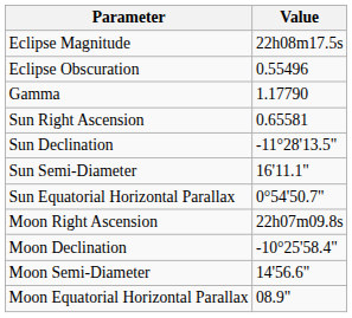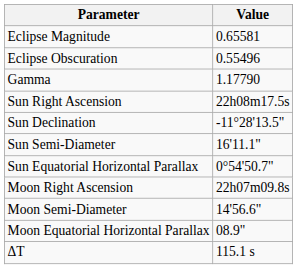 <table class="wikitable">
 <tr>
 <th>Parameter</th>
 <th>Value</th>
 </tr>
 <tr>
 <td>Eclipse Magnitude</td>
-<td>22h08m17.5s</td>
+<td>0.65581</td>
 </tr>
 <tr>
 <td>Eclipse Obscuration</td>
 <td>0.55496</td>
 </tr>
 <tr>
 <td>Gamma</td>
 <td>1.17790</td>
 </tr>
 <tr>
 <td>Sun Right Ascension</td>
-<td>0.65581</td>
+<td>22h08m17.5s</td>
 </tr>
 <tr>
 <td>Sun Declination</td>
 <td>-11°28'13.5"</td>
 </tr>
 <tr>
 <td>Sun Semi-Diameter</td>
 <td>16'11.1"</td>
 </tr>
 <tr>
 <td>Sun Equatorial Horizontal Parallax</td>
 <td>0°54'50.7"</td>
 </tr>
 <tr>
 <td>Moon Right Ascension</td>
 <td>22h07m09.8s</td>
 </tr>
 <tr>
-<td>Moon Declination</td>
-<td>-10°25'58.4"</td>
-</tr>
-<tr>
 <td>Moon Semi-Diameter</td>
 <td>14'56.6"</td>
 </tr>
 <tr>
 <td>Moon Equatorial Horizontal Parallax</td>
 <td>08.9"</td>
 </tr>
+<tr>
+<td>ΔT</td>
+<td>115.1 s</td>
+</tr>
 </table>
